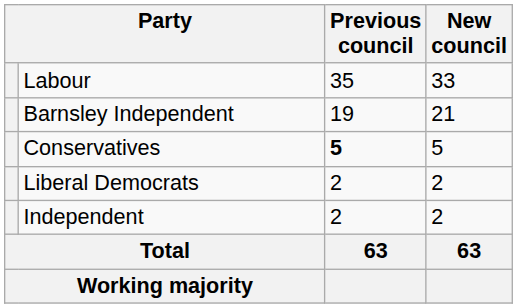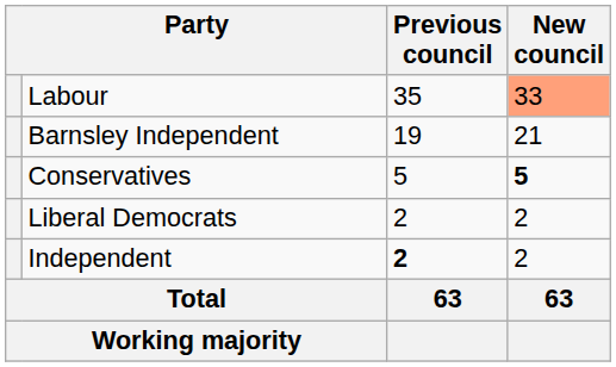 <table class="wikitable">
 <tr>
 <th valign=top colspan="2" style="width: 230px">Party</th>
 <th valign=top style="width: 30px">Previous council</th>
 <th valign=top style="width: 30px">New council</th>
 </tr>
 <tr>
 <th style="background-color: "></th>
 <td>Labour</td>
 <td>35</td>
-<td>33</td>
+<td style="background: lightsalmon;">33</td>
 </tr>
 <tr>
 <th style="background-color: "></th>
 <td>Barnsley Independent</td>
 <td>19</td>
 <td>21</td>
 </tr>
 <tr>
 <th style="background-color: "></th>
 <td>Conservatives</td>
+<td>5</td>
 <td><strong>5</strong></td>
-<td>5</td>
 </tr>
 <tr>
 <th style="background-color: "></th>
 <td>Liberal Democrats</td>
 <td>2</td>
 <td>2</td>
 </tr>
 <tr>
 <th style="background-color: "></th>
 <td>Independent</td>
-<td>2</td>
+<td><strong>2</strong></td>
 <td>2</td>
 </tr>
 <tr>
 <th colspan=2>Total</th>
 <th style="text-align: center">63</th>
 <th colspan=3>63</th>
 </tr>
 <tr>
 <th colspan=2>Working majority</th>
 <th></th>
 <th></th>
 </tr>
 </table>
